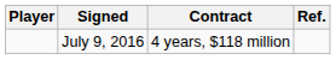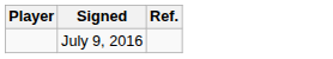 <table class="wikitable sortable sortable" style="text-align: center;">
 <tr>
 <th>Player</th>
 <th>Signed</th>
-<th>Contract</th>
 <th>Ref.</th>
 </tr>
 <tr>
 <td></td>
 <td>July 9, 2016</td>
-<td>4 years, $118 million</td>
 <td></td>
 </tr>
 </table>
